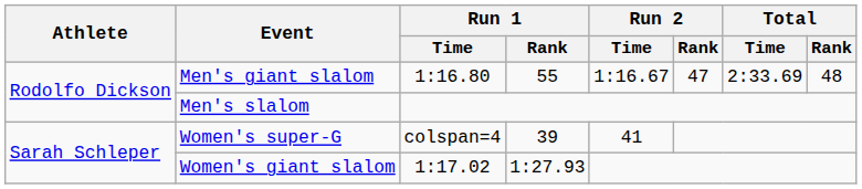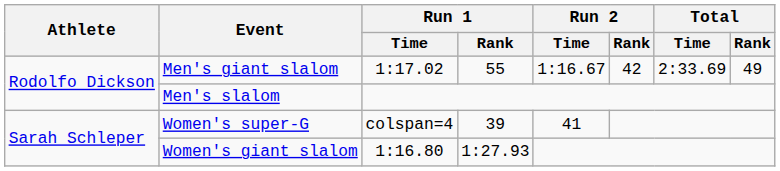 <table class="wikitable" style="font-size:90%">
 <tr>
 <th rowspan=2>Athlete</th>
 <th rowspan=2>Event</th>
 <th colspan=2>Run 1</th>
 <th colspan=2>Run 2</th>
 <th colspan=2>Total</th>
 </tr>
 <tr style="font-size:95%">
 <th>Time</th>
 <th>Rank</th>
 <th>Time</th>
 <th>Rank</th>
 <th>Time</th>
 <th>Rank</th>
 </tr>
 <tr align=center>
 <td align=left rowspan=2><a href='#'>Rodolfo Dickson</a></td>
 <td align=left><a href='#'>Men's giant slalom</a></td>
-<td>1:16.80</td>
+<td>1:17.02</td>
 <td>55</td>
 <td>1:16.67</td>
-<td>47</td>
+<td>42</td>
 <td>2:33.69</td>
-<td>48</td>
+<td>49</td>
 </tr>
 <tr align=center>
 <td align=left><a href='#'>Men's slalom</a></td>
 <td colspan=6></td>
 </tr>
 <tr align=center>
 <td align=left rowspan=2><a href='#'>Sarah Schleper</a></td>
 <td align=left><a href='#'>Women's super-G</a></td>
 <td>colspan=4 </td>
 <td>39</td>
 <td>41</td>
 </tr>
 <tr align=center>
 <td align=left><a href='#'>Women's giant slalom</a></td>
-<td>1:17.02</td>
+<td>1:16.80</td>
 <td>1:27.93</td>
 <td colspan=4></td>
 </tr>
 </table>
